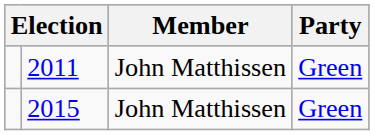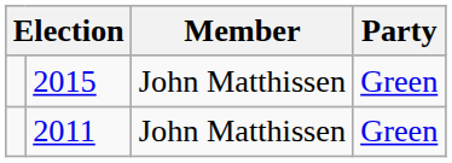 <table class="wikitable">
 <tr>
 <th colspan="2">Election</th>
 <th>Member</th>
 <th>Party</th>
 </tr>
 <tr>
 <td style="background-color: "></td>
-<td><a href='#'>2011</a></td>
+<td><a href='#'>2015</a></td>
 <td>John Matthissen</td>
 <td><a href='#'>Green</a></td>
 </tr>
 <tr>
 <td style="background-color: "></td>
-<td><a href='#'>2015</a></td>
+<td><a href='#'>2011</a></td>
 <td>John Matthissen</td>
 <td><a href='#'>Green</a></td>
 </tr>
 </table>
